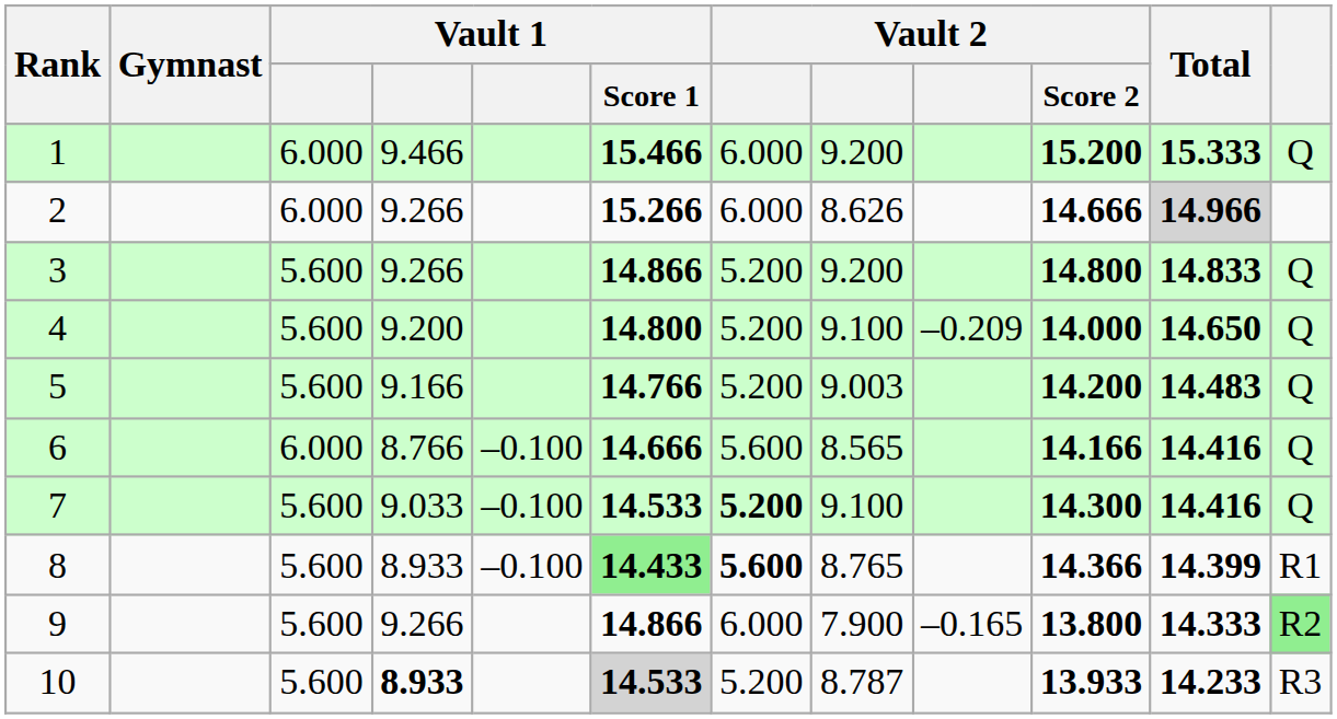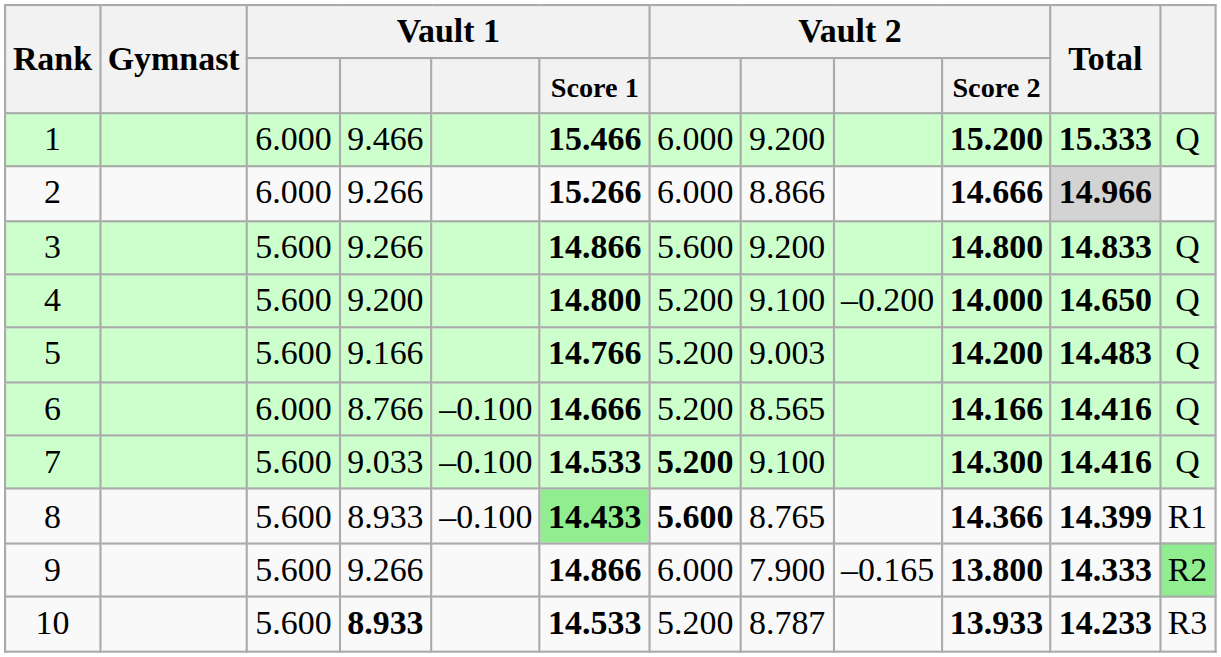 <table class="wikitable sortable" style="text-align:center">
 <tr>
 <th rowspan=2>Rank</th>
 <th rowspan=2>Gymnast</th>
 <th colspan=4>Vault 1</th>
 <th colspan=4>Vault 2</th>
 <th rowspan=2>Total</th>
 <th rowspan=2><small></small></th>
 </tr>
 <tr>
 <th><small></small></th>
 <th><small></small></th>
 <th><small></small></th>
 <th><small>Score 1</small></th>
 <th><small></small></th>
 <th><small></small></th>
 <th><small></small></th>
 <th><small>Score 2</small></th>
 </tr>
 <tr bgcolor=ccffcc>
 <td>1</td>
 <td align=left></td>
 <td>6.000</td>
 <td>9.466</td>
 <td></td>
 <td><strong>15.466</strong></td>
 <td>6.000</td>
 <td>9.200</td>
 <td></td>
 <td><strong>15.200</strong></td>
 <td><strong>15.333</strong></td>
 <td>Q</td>
 </tr>
 <tr>
 <td>2</td>
 <td align=left></td>
 <td>6.000</td>
 <td>9.266</td>
 <td></td>
 <td><strong>15.266</strong></td>
 <td>6.000</td>
-<td>8.626</td>
+<td>8.866</td>
 <td></td>
 <td><strong>14.666</strong></td>
 <td style="background: lightgrey;"><strong>14.966</strong></td>
 <td></td>
 </tr>
 <tr bgcolor=ccffcc>
 <td>3</td>
 <td align=left></td>
 <td>5.600</td>
 <td>9.266</td>
 <td></td>
 <td><strong>14.866</strong></td>
-<td>5.200</td>
+<td>5.600</td>
 <td>9.200</td>
 <td></td>
 <td><strong>14.800</strong></td>
 <td><strong>14.833</strong></td>
 <td>Q</td>
 </tr>
 <tr bgcolor=ccffcc>
 <td>4</td>
 <td align=left></td>
 <td>5.600</td>
 <td>9.200</td>
 <td></td>
 <td><strong>14.800</strong></td>
 <td>5.200</td>
 <td>9.100</td>
-<td>–0.209</td>
+<td>–0.200</td>
 <td><strong>14.000</strong></td>
 <td><strong>14.650</strong></td>
 <td>Q</td>
 </tr>
 <tr bgcolor=ccffcc>
 <td>5</td>
 <td align=left></td>
 <td>5.600</td>
 <td>9.166</td>
 <td></td>
 <td><strong>14.766</strong></td>
 <td>5.200</td>
 <td>9.003</td>
 <td></td>
 <td><strong>14.200</strong></td>
 <td><strong>14.483</strong></td>
 <td>Q</td>
 </tr>
 <tr bgcolor=ccffcc>
 <td>6</td>
 <td align=left></td>
 <td>6.000</td>
 <td>8.766</td>
 <td>–0.100</td>
 <td><strong>14.666</strong></td>
-<td>5.600</td>
+<td>5.200</td>
 <td>8.565</td>
 <td></td>
 <td><strong>14.166</strong></td>
 <td><strong>14.416</strong></td>
 <td>Q</td>
 </tr>
 <tr bgcolor=ccffcc>
 <td>7</td>
 <td align=left></td>
 <td>5.600</td>
 <td>9.033</td>
 <td>–0.100</td>
 <td><strong>14.533</strong></td>
 <td><strong>5.200</strong></td>
 <td>9.100</td>
 <td></td>
 <td><strong>14.300</strong></td>
 <td><strong>14.416</strong></td>
 <td>Q</td>
 </tr>
 <tr>
 <td>8</td>
 <td align=left></td>
 <td>5.600</td>
 <td>8.933</td>
 <td>–0.100</td>
 <td style="background: lightgreen;"><strong>14.433</strong></td>
 <td><strong>5.600</strong></td>
 <td>8.765</td>
 <td></td>
 <td><strong>14.366</strong></td>
 <td><strong>14.399</strong></td>
 <td>R1</td>
 </tr>
 <tr>
 <td>9</td>
 <td align=left></td>
 <td>5.600</td>
 <td>9.266</td>
 <td></td>
 <td><strong>14.866</strong></td>
 <td>6.000</td>
 <td>7.900</td>
 <td>–0.165</td>
 <td><strong>13.800</strong></td>
 <td><strong>14.333</strong></td>
 <td style="background: lightgreen;">R2</td>
 </tr>
 <tr>
 <td>10</td>
 <td align=left></td>
 <td>5.600</td>
 <td><strong>8.933</strong></td>
 <td></td>
-<td style="background: lightgrey;"><strong>14.533</strong></td>
+<td><strong>14.533</strong></td>
 <td>5.200</td>
 <td>8.787</td>
 <td></td>
 <td><strong>13.933</strong></td>
 <td><strong>14.233</strong></td>
 <td>R3</td>
 </tr>
 </table>
